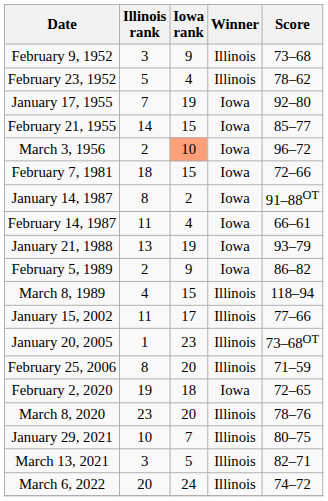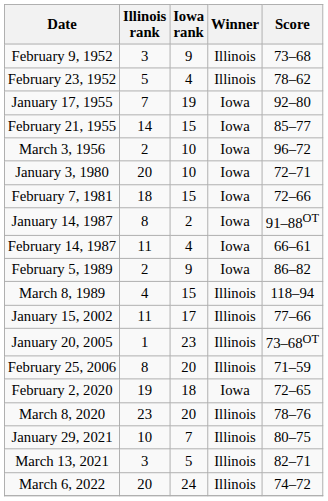 <table class="wikitable" style="text-align:right">
 <tr>
 <th>Date</th>
 <th>Illinois<br>rank</th>
 <th style=>Iowa<br>rank</th>
 <th>Winner</th>
 <th>Score</th>
 </tr>
 <tr>
 <td align="center">February 9, 1952</td>
 <td align="center">3</td>
 <td align="center">9</td>
 <td align="center" style=>Illinois</td>
 <td align="center">73–68</td>
 </tr>
 <tr>
 <td align="center">February 23, 1952</td>
 <td align="center">5</td>
 <td align="center">4</td>
 <td align="center" style=>Illinois</td>
 <td align="center">78–62</td>
 </tr>
 <tr>
 <td align="center">January 17, 1955</td>
 <td align="center">7</td>
 <td align="center">19</td>
 <td align="center" style=>Iowa</td>
 <td align="center">92–80</td>
 </tr>
 <tr>
 <td align="center">February 21, 1955</td>
 <td align="center">14</td>
 <td align="center">15</td>
 <td align="center" style=>Iowa</td>
 <td align="center">85–77</td>
 </tr>
 <tr>
 <td align="center">March 3, 1956</td>
 <td align="center">2</td>
-<td align="center" style="background: lightsalmon;">10</td>
+<td align="center">10</td>
 <td align="center" style=>Iowa</td>
 <td align="center">96–72</td>
+</tr>
+<tr>
+<td align="center">January 3, 1980</td>
+<td align="center">20</td>
+<td align="center">10</td>
+<td align="center" style=>Iowa</td>
+<td align="center">72–71</td>
 </tr>
 <tr>
 <td align="center">February 7, 1981</td>
 <td align="center">18</td>
 <td align="center">15</td>
 <td align="center" style=>Iowa</td>
 <td align="center">72–66</td>
 </tr>
 <tr>
 <td align="center">January 14, 1987</td>
 <td align="center">8</td>
 <td align="center">2</td>
 <td align="center" style=>Iowa</td>
 <td align="center">91–88<sup>OT</sup></td>
 </tr>
 <tr>
 <td align="center">February 14, 1987</td>
 <td align="center">11</td>
 <td align="center">4</td>
 <td align="center" style=>Iowa</td>
 <td align="center">66–61</td>
-</tr>
-<tr>
-<td align="center">January 21, 1988</td>
-<td align="center">13</td>
-<td align="center">19</td>
-<td align="center" style=>Iowa</td>
-<td align="center">93–79</td>
 </tr>
 <tr>
 <td align="center">February 5, 1989</td>
 <td align="center">2</td>
 <td align="center">9</td>
 <td align="center" style=>Iowa</td>
 <td align="center">86–82</td>
 </tr>
 <tr>
 <td align="center">March 8, 1989</td>
 <td align="center">4</td>
 <td align="center">15</td>
 <td align="center" style=>Illinois</td>
 <td align="center">118–94</td>
 </tr>
 <tr>
 <td align="center">January 15, 2002</td>
 <td align="center">11</td>
 <td align="center">17</td>
 <td align="center" style=>Illinois</td>
 <td align="center">77–66</td>
 </tr>
 <tr>
 <td align="center">January 20, 2005</td>
 <td align="center">1</td>
 <td align="center">23</td>
 <td align="center" style=>Illinois</td>
 <td align="center">73–68<sup>OT</sup></td>
 </tr>
 <tr>
 <td align="center">February 25, 2006</td>
 <td align="center">8</td>
 <td align="center">20</td>
 <td align="center" style=>Illinois</td>
 <td align="center">71–59</td>
 </tr>
 <tr>
 <td align="center">February 2, 2020</td>
 <td align="center">19</td>
 <td align="center">18</td>
 <td align="center" style=>Iowa</td>
 <td align="center">72–65</td>
 </tr>
 <tr>
 <td align="center">March 8, 2020</td>
 <td align="center">23</td>
 <td align="center">20</td>
 <td align="center" style=>Illinois</td>
 <td align="center">78–76</td>
 </tr>
 <tr>
 <td align="center">January 29, 2021</td>
 <td align="center">10</td>
 <td align="center">7</td>
 <td align="center" style=>Illinois</td>
 <td align="center">80–75</td>
 </tr>
 <tr>
 <td align="center">March 13, 2021</td>
 <td align="center">3</td>
 <td align="center">5</td>
 <td align="center" style=>Illinois</td>
 <td align="center">82–71</td>
 </tr>
 <tr>
 <td align="center">March 6, 2022</td>
 <td align="center">20</td>
 <td align="center">24</td>
 <td align="center" style=>Illinois</td>
 <td align="center">74–72</td>
 </tr>
 <tr>
 </tr>
 </table>
